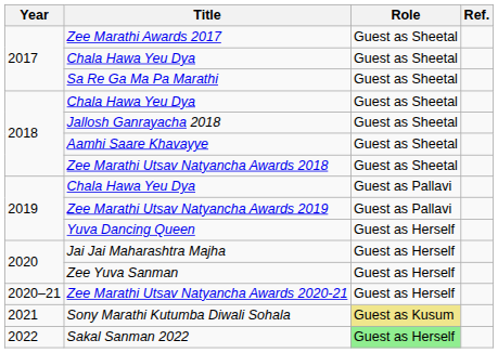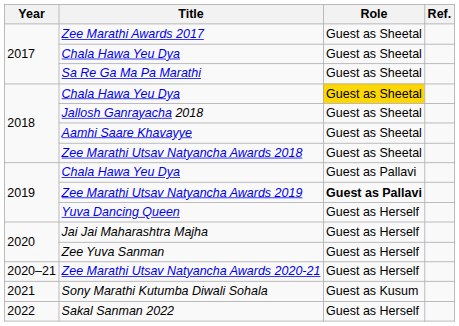 <table class="wikitable">
 <tr>
 <th>Year</th>
 <th>Title</th>
 <th>Role</th>
 <th>Ref.</th>
 </tr>
 <tr>
 <td rowspan="3">2017</td>
 <td><em><a href='#'>Zee Marathi Awards 2017</a></em></td>
 <td>Guest as Sheetal</td>
 <td></td>
 </tr>
 <tr>
 <td><em><a href='#'>Chala Hawa Yeu Dya</a></em></td>
 <td>Guest as Sheetal</td>
 <td></td>
 </tr>
 <tr>
 <td><em><a href='#'>Sa Re Ga Ma Pa Marathi</a></em></td>
 <td>Guest as Sheetal</td>
 <td></td>
 </tr>
 <tr>
 <td rowspan="4">2018</td>
 <td><em><a href='#'>Chala Hawa Yeu Dya</a></em></td>
-<td>Guest as Sheetal</td>
+<td style="background: gold;">Guest as Sheetal</td>
 <td></td>
 </tr>
 <tr>
 <td><em><a href='#'>Jallosh Ganrayacha</a> 2018</em></td>
 <td>Guest as Sheetal</td>
 <td></td>
 </tr>
 <tr>
 <td><em><a href='#'>Aamhi Saare Khavayye</a></em></td>
 <td>Guest as Sheetal</td>
 <td></td>
 </tr>
 <tr>
 <td><em><a href='#'>Zee Marathi Utsav Natyancha Awards 2018</a></em></td>
 <td>Guest as Sheetal</td>
 <td></td>
 </tr>
 <tr>
 <td rowspan="3">2019</td>
 <td><em><a href='#'>Chala Hawa Yeu Dya</a></em></td>
 <td>Guest as Pallavi</td>
 <td></td>
 </tr>
 <tr>
 <td><em><a href='#'>Zee Marathi Utsav Natyancha Awards 2019</a></em></td>
-<td>Guest as Pallavi</td>
+<td><strong>Guest as Pallavi</strong></td>
 <td></td>
 </tr>
 <tr>
 <td><em><a href='#'>Yuva Dancing Queen</a></em></td>
 <td>Guest as Herself</td>
 <td></td>
 </tr>
 <tr>
 <td rowspan="2">2020</td>
 <td><em>Jai Jai Maharashtra Majha</em></td>
 <td>Guest as Herself</td>
 <td></td>
 </tr>
 <tr>
 <td><em>Zee Yuva Sanman</em></td>
 <td>Guest as Herself</td>
 <td></td>
 </tr>
 <tr>
 <td>2020–21</td>
 <td><em><a href='#'>Zee Marathi Utsav Natyancha Awards 2020-21</a></em></td>
 <td>Guest as Herself</td>
 <td></td>
 </tr>
 <tr>
 <td>2021</td>
 <td><em>Sony Marathi Kutumba Diwali Sohala</em></td>
-<td style="background: khaki;">Guest as Kusum</td>
+<td>Guest as Kusum</td>
 <td></td>
 </tr>
 <tr>
 <td>2022</td>
 <td><em>Sakal Sanman 2022</em></td>
-<td style="background: lightgreen;">Guest as Herself</td>
+<td>Guest as Herself</td>
 <td></td>
 </tr>
 </table>
